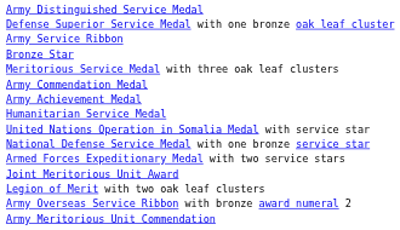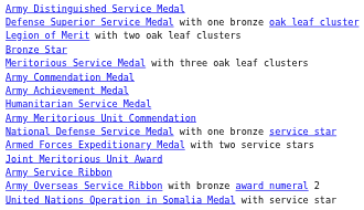 <table>
 <tr>
 <td> <a href='#'>Army Distinguished Service Medal</a></td>
 </tr>
 <tr>
 <td> <a href='#'>Defense Superior Service Medal</a> with one bronze <a href='#'>oak leaf cluster</a></td>
 </tr>
 <tr>
-<td> <a href='#'>Army Service Ribbon</a></td>
+<td> <a href='#'>Legion of Merit</a> with two oak leaf clusters</td>
 </tr>
 <tr>
 <td> <a href='#'>Bronze Star</a></td>
 </tr>
 <tr>
 <td> <a href='#'>Meritorious Service Medal</a> with three oak leaf clusters</td>
 </tr>
 <tr>
 <td> <a href='#'>Army Commendation Medal</a></td>
 </tr>
 <tr>
 <td> <a href='#'>Army Achievement Medal</a></td>
 </tr>
 <tr>
 <td> <a href='#'>Humanitarian Service Medal</a></td>
 </tr>
 <tr>
-<td> <a href='#'>United Nations Operation in Somalia Medal</a> with service star</td>
+<td> <a href='#'>Army Meritorious Unit Commendation</a></td>
 </tr>
 <tr>
 <td> <a href='#'>National Defense Service Medal</a> with one bronze <a href='#'>service star</a></td>
 </tr>
 <tr>
 <td> <a href='#'>Armed Forces Expeditionary Medal</a> with two service stars</td>
 </tr>
 <tr>
 <td> <a href='#'>Joint Meritorious Unit Award</a></td>
 </tr>
 <tr>
-<td> <a href='#'>Legion of Merit</a> with two oak leaf clusters</td>
+<td> <a href='#'>Army Service Ribbon</a></td>
 </tr>
 <tr>
 <td><span></span> <a href='#'>Army Overseas Service Ribbon</a> with bronze <a href='#'>award numeral</a> 2</td>
 </tr>
 <tr>
-<td> <a href='#'>Army Meritorious Unit Commendation</a></td>
+<td> <a href='#'>United Nations Operation in Somalia Medal</a> with service star</td>
 </tr>
 </table>
